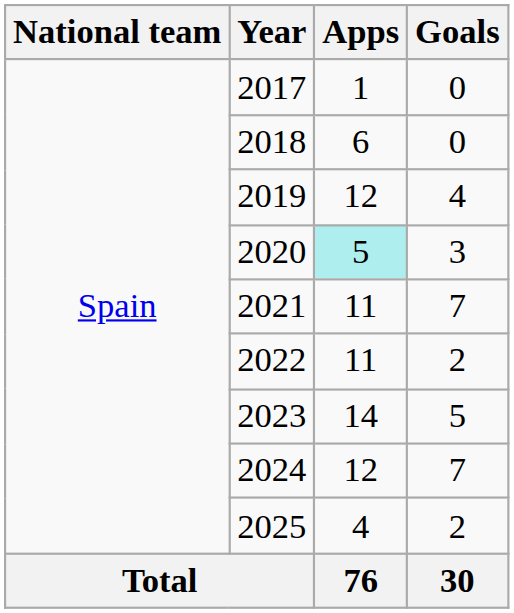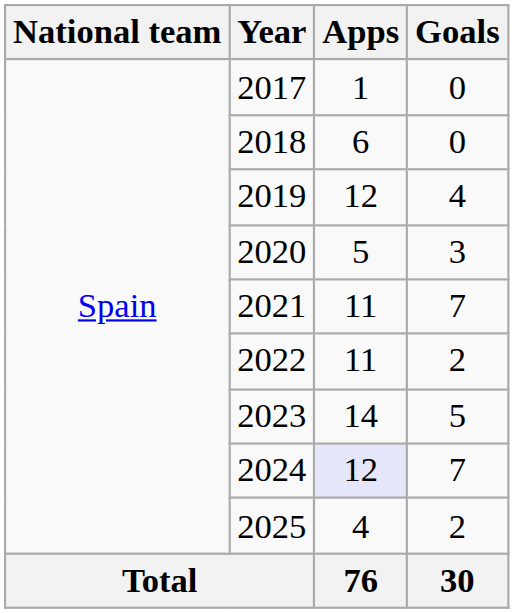 <table class="wikitable" style="text-align:center">
 <tr>
 <th>National team</th>
 <th>Year</th>
 <th>Apps</th>
 <th>Goals</th>
 </tr>
 <tr>
 <td rowspan="9"><a href='#'>Spain</a></td>
 <td>2017</td>
 <td>1</td>
 <td>0</td>
 </tr>
 <tr>
 <td>2018</td>
 <td>6</td>
 <td>0</td>
 </tr>
 <tr>
 <td>2019</td>
 <td>12</td>
 <td>4</td>
 </tr>
 <tr>
 <td>2020</td>
-<td style="background: paleturquoise;">5</td>
+<td>5</td>
 <td>3</td>
 </tr>
 <tr>
 <td>2021</td>
 <td>11</td>
 <td>7</td>
 </tr>
 <tr>
 <td>2022</td>
 <td>11</td>
 <td>2</td>
 </tr>
 <tr>
 <td>2023</td>
 <td>14</td>
 <td>5</td>
 </tr>
 <tr>
 <td>2024</td>
-<td>12</td>
+<td style="background: lavender;">12</td>
 <td>7</td>
 </tr>
 <tr>
 <td>2025</td>
 <td>4</td>
 <td>2</td>
 </tr>
 <tr>
 <th colspan="2">Total</th>
 <th>76</th>
 <th>30</th>
 </tr>
 </table>
